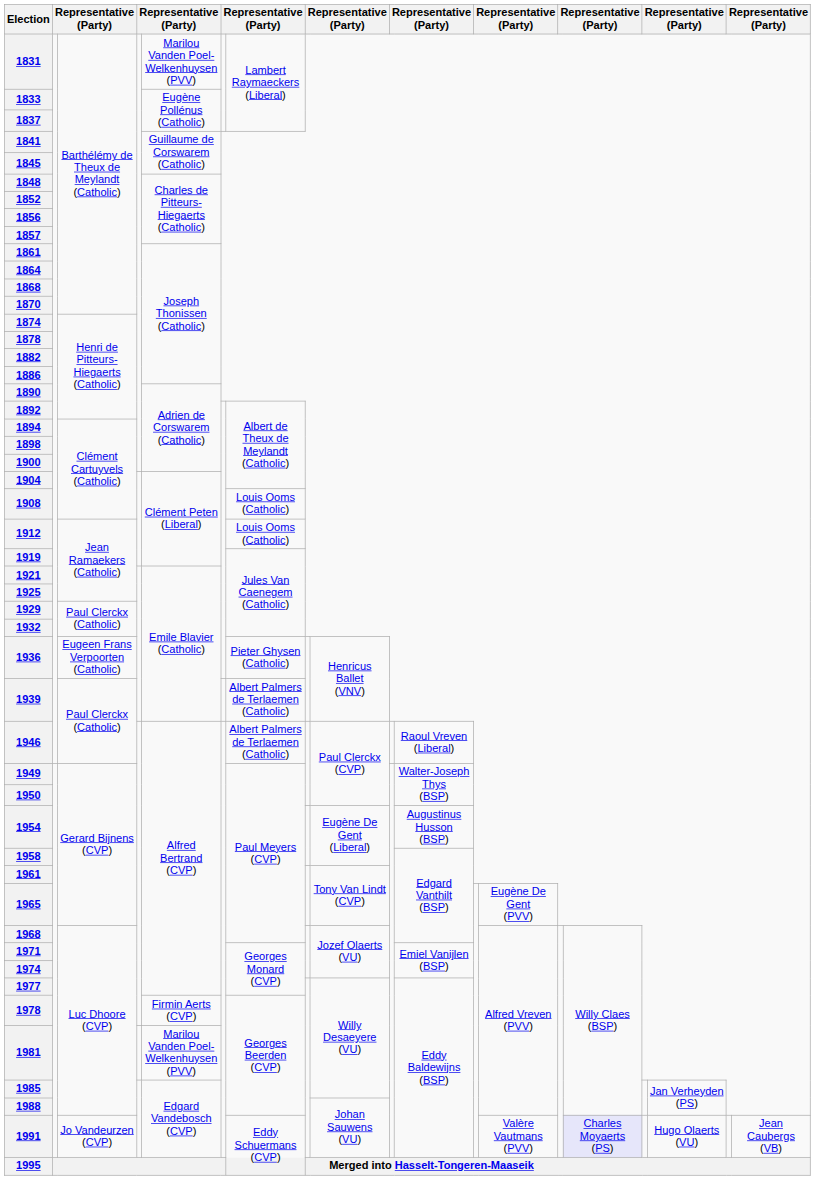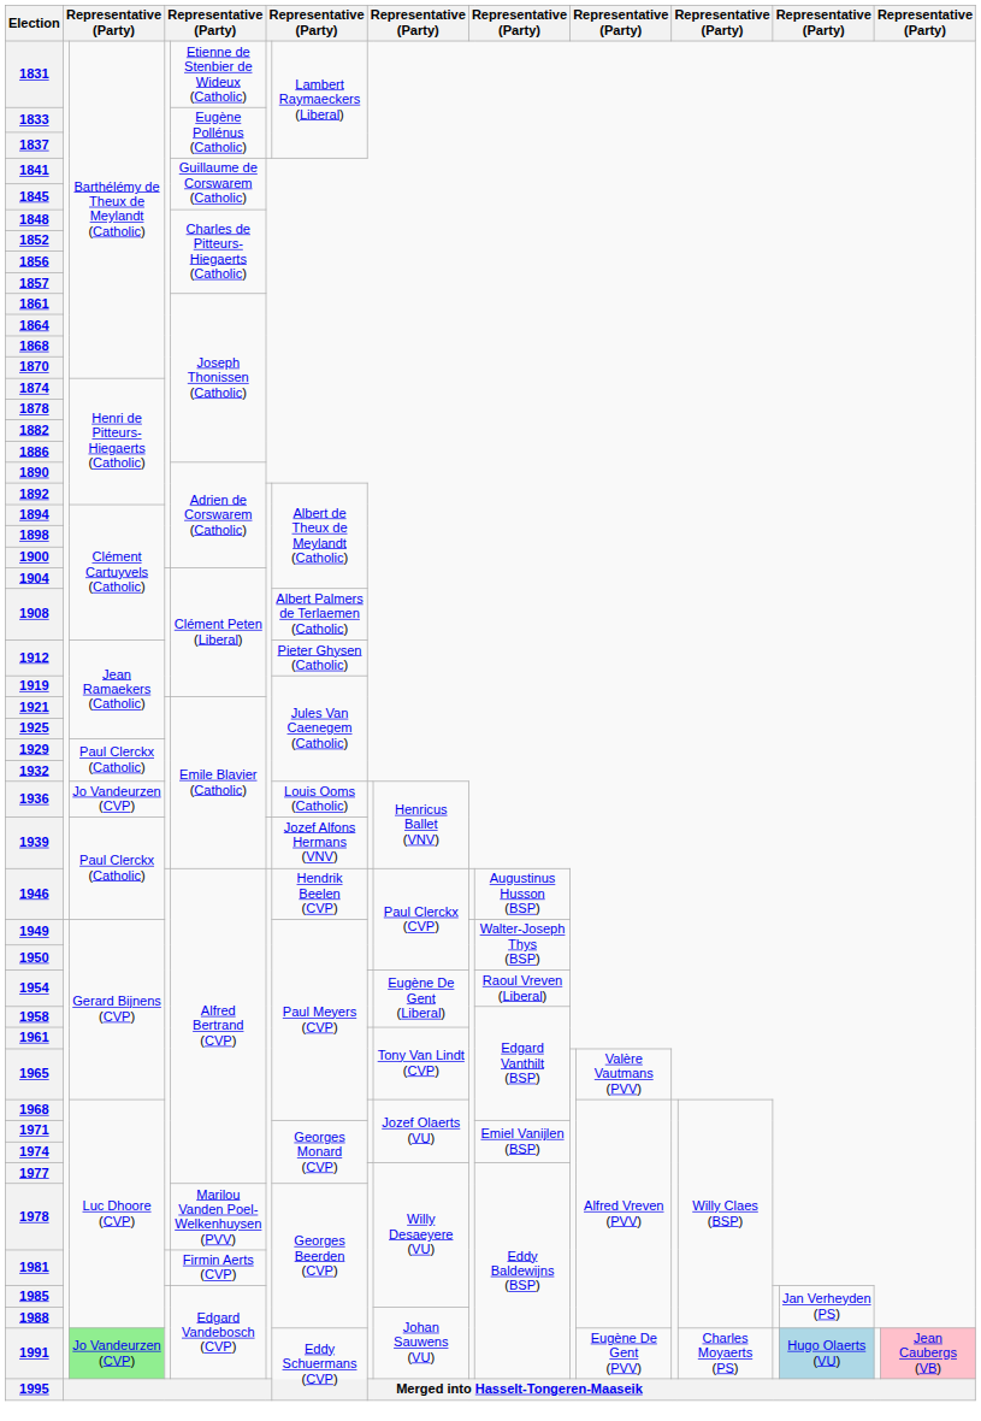 <table class="wikitable" style="text-align:center">
 <tr>
 <th>Election</th>
 <th colspan=2>Representative<br>(Party)</th>
 <th colspan=2>Representative<br>(Party)</th>
 <th colspan=2>Representative<br>(Party)</th>
 <th colspan=2>Representative<br>(Party)</th>
 <th colspan=2>Representative<br>(Party)</th>
 <th colspan=2>Representative<br>(Party)</th>
 <th colspan=2>Representative<br>(Party)</th>
 <th colspan=2>Representative<br>(Party)</th>
 <th colspan=2>Representative<br>(Party)</th>
 </tr>
 <tr>
 <th><a href='#'>1831</a></th>
 <td rowspan=33; style="background-color: "></td>
 <td rowspan=13><a href='#'>Barthélémy de Theux de Meylandt</a><br>(<a href='#'>Catholic</a>)</td>
 <td rowspan=22; style="background-color: "></td>
-<td rowspan=1><a href='#'>Marilou Vanden Poel-Welkenhuysen</a><br>(<a href='#'>PVV</a>)</td>
+<td rowspan=1><a href='#'>Etienne de Stenbier de Wideux</a><br>(<a href='#'>Catholic</a>)</td>
 <td rowspan=3; style="background-color: "></td>
 <td rowspan=3><a href='#'>Lambert Raymaeckers</a><br>(<a href='#'>Liberal</a>)</td>
 </tr>
 <tr>
 <th><a href='#'>1833</a></th>
 <td rowspan=2><a href='#'>Eugène Pollénus</a><br>(<a href='#'>Catholic</a>)</td>
 </tr>
 <tr>
 <th><a href='#'>1837</a></th>
 </tr>
 <tr>
 <th><a href='#'>1841</a></th>
 <td rowspan=2><a href='#'>Guillaume de Corswarem</a><br>(<a href='#'>Catholic</a>)</td>
 </tr>
 <tr>
 <th><a href='#'>1845</a></th>
 </tr>
 <tr>
 <th><a href='#'>1848</a></th>
 <td rowspan=4><a href='#'>Charles de Pitteurs-Hiegaerts</a><br>(<a href='#'>Catholic</a>)</td>
 </tr>
 <tr>
 <th><a href='#'>1852</a></th>
 </tr>
 <tr>
 <th><a href='#'>1856</a></th>
 </tr>
 <tr>
 <th><a href='#'>1857</a></th>
 </tr>
 <tr>
 <th><a href='#'>1861</a></th>
 <td rowspan=8><a href='#'>Joseph Thonissen</a><br>(<a href='#'>Catholic</a>)</td>
 </tr>
 <tr>
 <th><a href='#'>1864</a></th>
 </tr>
 <tr>
 <th><a href='#'>1868</a></th>
 </tr>
 <tr>
 <th><a href='#'>1870</a></th>
 </tr>
 <tr>
 <th><a href='#'>1874</a></th>
 <td rowspan=6><a href='#'>Henri de Pitteurs-Hiegaerts</a><br>(<a href='#'>Catholic</a>)</td>
 </tr>
 <tr>
 <th><a href='#'>1878</a></th>
 </tr>
 <tr>
 <th><a href='#'>1882</a></th>
 </tr>
 <tr>
 <th><a href='#'>1886</a></th>
 </tr>
 <tr>
 <th><a href='#'>1890</a></th>
 <td rowspan=5><a href='#'>Adrien de Corswarem</a><br>(<a href='#'>Catholic</a>)</td>
 </tr>
 <tr>
 <th><a href='#'>1892</a></th>
 <td rowspan=13; style="background-color: "></td>
 <td rowspan=5><a href='#'>Albert de Theux de Meylandt</a><br>(<a href='#'>Catholic</a>)</td>
 </tr>
 <tr>
 <th><a href='#'>1894</a></th>
 <td rowspan=5><a href='#'>Clément Cartuyvels</a><br>(<a href='#'>Catholic</a>)</td>
 </tr>
 <tr>
 <th><a href='#'>1898</a></th>
 </tr>
 <tr>
 <th><a href='#'>1900</a></th>
 </tr>
 <tr>
 <th><a href='#'>1904</a></th>
 <td rowspan=4; style="background-color: "></td>
 <td rowspan=4><a href='#'>Clément Peten</a><br>(<a href='#'>Liberal</a>)</td>
 </tr>
 <tr>
 <th><a href='#'>1908</a></th>
-<td rowspan=1><a href='#'>Louis Ooms</a><br>(<a href='#'>Catholic</a>)</td>
+<td rowspan=1><a href='#'>Albert Palmers de Terlaemen</a><br>(<a href='#'>Catholic</a>)</td>
 </tr>
 <tr>
 <th><a href='#'>1912</a></th>
 <td rowspan=4><a href='#'>Jean Ramaekers</a><br>(<a href='#'>Catholic</a>)</td>
-<td rowspan=1><a href='#'>Louis Ooms</a><br>(<a href='#'>Catholic</a>)</td>
+<td rowspan=1><a href='#'>Pieter Ghysen</a><br>(<a href='#'>Catholic</a>)</td>
 </tr>
 <tr>
 <th><a href='#'>1919</a></th>
 <td rowspan=5><a href='#'>Jules Van Caenegem</a><br>(<a href='#'>Catholic</a>)</td>
 </tr>
 <tr>
 <th><a href='#'>1921</a></th>
 <td rowspan=6; style="background-color: "></td>
 <td rowspan=6><a href='#'>Emile Blavier</a><br>(<a href='#'>Catholic</a>)</td>
 </tr>
 <tr>
 <th><a href='#'>1925</a></th>
 </tr>
 <tr>
 <th><a href='#'>1929</a></th>
 <td rowspan=2><a href='#'>Paul Clerckx</a><br>(<a href='#'>Catholic</a>)</td>
 </tr>
 <tr>
 <th><a href='#'>1932</a></th>
 </tr>
 <tr>
 <th><a href='#'>1936</a></th>
-<td rowspan=1><a href='#'>Eugeen Frans Verpoorten</a><br>(<a href='#'>Catholic</a>)</td>
-<td rowspan=1><a href='#'>Pieter Ghysen</a><br>(<a href='#'>Catholic</a>)</td>
+<td rowspan=1><a href='#'>Jo Vandeurzen</a><br>(<a href='#'>CVP</a>)</td>
+<td rowspan=1><a href='#'>Louis Ooms</a><br>(<a href='#'>Catholic</a>)</td>
 <td rowspan=2; style="background-color: "></td>
 <td rowspan=2><a href='#'>Henricus Ballet</a><br>(<a href='#'>VNV</a>)</td>
 </tr>
 <tr>
 <th><a href='#'>1939</a></th>
 <td rowspan=2><a href='#'>Paul Clerckx</a><br>(<a href='#'>Catholic</a>)</td>
 <td rowspan=1; style="background-color: "></td>
-<td rowspan=1><a href='#'>Albert Palmers de Terlaemen</a><br>(<a href='#'>Catholic</a>)</td>
+<td rowspan=1><a href='#'>Jozef Alfons Hermans</a><br>(<a href='#'>VNV</a>)</td>
 </tr>
 <tr>
 <th><a href='#'>1946</a></th>
 <td rowspan=12; style="background-color: "></td>
 <td rowspan=11><a href='#'>Alfred Bertrand</a><br>(<a href='#'>CVP</a>)</td>
 <td rowspan=16; style="background-color: "></td>
-<td rowspan=1><a href='#'>Albert Palmers de Terlaemen</a><br>(<a href='#'>Catholic</a>)</td>
+<td rowspan=1><a href='#'>Hendrik Beelen</a><br>(<a href='#'>CVP</a>)</td>
 <td rowspan=3; style="background-color: "></td>
 <td rowspan=3><a href='#'>Paul Clerckx</a><br>(<a href='#'>CVP</a>)</td>
 <td rowspan=1; style="background-color: "></td>
-<td rowspan=1><a href='#'>Raoul Vreven</a><br>(<a href='#'>Liberal</a>)</td>
+<td rowspan=1><a href='#'>Augustinus Husson</a><br>(<a href='#'>BSP</a>)</td>
 </tr>
 <tr>
 <th><a href='#'>1949</a></th>
 <td rowspan=15; style="background-color: "></td>
 <td rowspan=6><a href='#'>Gerard Bijnens</a><br>(<a href='#'>CVP</a>)</td>
 <td rowspan=7><a href='#'>Paul Meyers</a><br>(<a href='#'>CVP</a>)</td>
 <td rowspan=15; style="background-color: "></td>
 <td rowspan=2><a href='#'>Walter-Joseph Thys</a><br>(<a href='#'>BSP</a>)</td>
 </tr>
 <tr>
 <th><a href='#'>1950</a></th>
 </tr>
 <tr>
 <th><a href='#'>1954</a></th>
 <td rowspan=2; style="background-color: "></td>
 <td rowspan=2><a href='#'>Eugène De Gent</a><br>(<a href='#'>Liberal</a>)</td>
-<td rowspan=1><a href='#'>Augustinus Husson</a><br>(<a href='#'>BSP</a>)</td>
+<td rowspan=1><a href='#'>Raoul Vreven</a><br>(<a href='#'>Liberal</a>)</td>
 </tr>
 <tr>
 <th><a href='#'>1958</a></th>
 <td rowspan=4><a href='#'>Edgard Vanthilt</a><br>(<a href='#'>BSP</a>)</td>
 </tr>
 <tr>
 <th><a href='#'>1961</a></th>
 <td rowspan=2; style="background-color: "></td>
 <td rowspan=2><a href='#'>Tony Van Lindt</a><br>(<a href='#'>CVP</a>)</td>
 </tr>
 <tr>
 <th><a href='#'>1965</a></th>
 <td rowspan=10; style="background-color: "></td>
-<td rowspan=1><a href='#'>Eugène De Gent</a><br>(<a href='#'>PVV</a>)</td>
+<td rowspan=1><a href='#'>Valère Vautmans</a><br>(<a href='#'>PVV</a>)</td>
 </tr>
 <tr>
 <th><a href='#'>1968</a></th>
 <td rowspan=8><a href='#'>Luc Dhoore</a><br>(<a href='#'>CVP</a>)</td>
 <td rowspan=3; style="background-color: "></td>
 <td rowspan=3><a href='#'>Jozef Olaerts</a><br>(<a href='#'>VU</a>)</td>
 <td rowspan=8><a href='#'>Alfred Vreven</a><br>(<a href='#'>PVV</a>)</td>
 <td rowspan=9; style="background-color: "></td>
 <td rowspan=8><a href='#'>Willy Claes</a><br>(<a href='#'>BSP</a>)</td>
 </tr>
 <tr>
 <th><a href='#'>1971</a></th>
 <td rowspan=3><a href='#'>Georges Monard</a><br>(<a href='#'>CVP</a>)</td>
 <td rowspan=2><a href='#'>Emiel Vanijlen</a><br>(<a href='#'>BSP</a>)</td>
 </tr>
 <tr>
 <th><a href='#'>1974</a></th>
 </tr>
 <tr>
 <th><a href='#'>1977</a></th>
 <td rowspan=6; style="background-color: "></td>
 <td rowspan=4><a href='#'>Willy Desaeyere</a><br>(<a href='#'>VU</a>)</td>
 <td rowspan=6><a href='#'>Eddy Baldewijns</a><br>(<a href='#'>BSP</a>)</td>
 </tr>
 <tr>
 <th><a href='#'>1978</a></th>
-<td rowspan=1><a href='#'>Firmin Aerts</a><br>(<a href='#'>CVP</a>)</td>
+<td rowspan=1><a href='#'>Marilou Vanden Poel-Welkenhuysen</a><br>(<a href='#'>PVV</a>)</td>
 <td rowspan=4><a href='#'>Georges Beerden</a><br>(<a href='#'>CVP</a>)</td>
 </tr>
 <tr>
 <th><a href='#'>1981</a></th>
 <td rowspan=1; style="background-color: "></td>
-<td rowspan=1><a href='#'>Marilou Vanden Poel-Welkenhuysen</a><br>(<a href='#'>PVV</a>)</td>
+<td rowspan=1><a href='#'>Firmin Aerts</a><br>(<a href='#'>CVP</a>)</td>
 </tr>
 <tr>
 <th><a href='#'>1985</a></th>
 <td rowspan=3; style="background-color: "></td>
 <td rowspan=3><a href='#'>Edgard Vandebosch</a><br>(<a href='#'>CVP</a>)</td>
 <td rowspan=2; style="background-color: "></td>
 <td rowspan=2><a href='#'>Jan Verheyden</a><br>(<a href='#'>PS</a>)</td>
 </tr>
 <tr>
 <th><a href='#'>1988</a></th>
 <td rowspan=2><a href='#'>Johan Sauwens</a><br>(<a href='#'>VU</a>)</td>
 </tr>
 <tr>
 <th><a href='#'>1991</a></th>
-<td rowspan=1><a href='#'>Jo Vandeurzen</a><br>(<a href='#'>CVP</a>)</td>
+<td rowspan=1 style="background: lightgreen;"><a href='#'>Jo Vandeurzen</a><br>(<a href='#'>CVP</a>)</td>
 <td rowspan=2><a href='#'>Eddy Schuermans</a><br>(<a href='#'>CVP</a>)</td>
-<td rowspan=1><a href='#'>Valère Vautmans</a><br>(<a href='#'>PVV</a>)</td>
-<td rowspan=1 style="background: lavender;"><a href='#'>Charles Moyaerts</a><br>(<a href='#'>PS</a>)</td>
+<td rowspan=1><a href='#'>Eugène De Gent</a><br>(<a href='#'>PVV</a>)</td>
+<td rowspan=1><a href='#'>Charles Moyaerts</a><br>(<a href='#'>PS</a>)</td>
 <td rowspan=1; style="background-color: "></td>
-<td rowspan=1><a href='#'>Hugo Olaerts</a><br>(<a href='#'>VU</a>)</td>
+<td rowspan=1 style="background: lightblue;"><a href='#'>Hugo Olaerts</a><br>(<a href='#'>VU</a>)</td>
 <td rowspan=1; style="background-color: "></td>
-<td rowspan=1><a href='#'>Jean Caubergs</a><br>(<a href='#'>VB</a>)</td>
+<td rowspan=1 style="background: pink;"><a href='#'>Jean Caubergs</a><br>(<a href='#'>VB</a>)</td>
 </tr>
 <tr>
 <th><a href='#'>1995</a></th>
 <th colspan=18>Merged into <a href='#'>Hasselt-Tongeren-Maaseik</a></th>
 </tr>
 </table>
